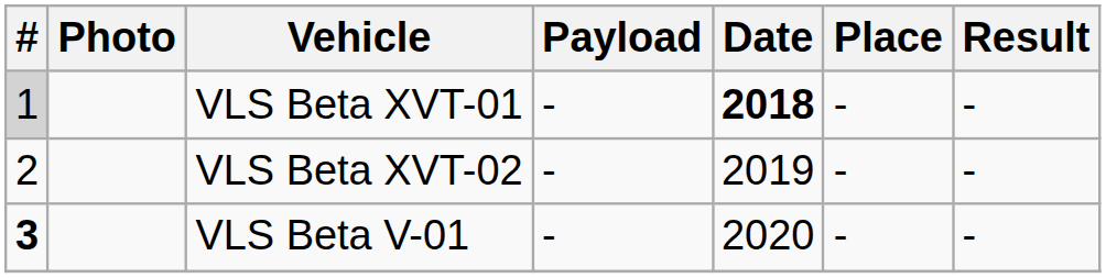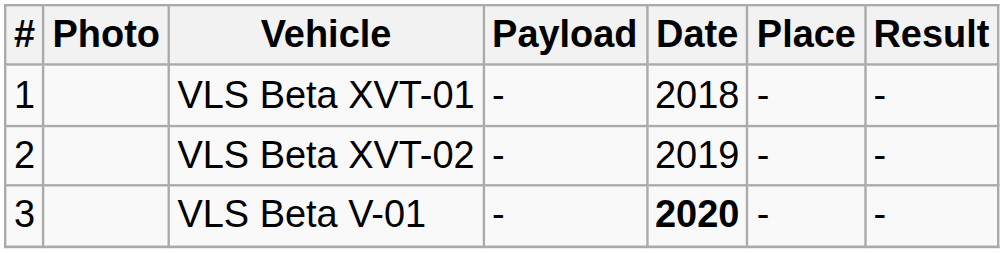 <table class="wikitable">
 <tr>
 <th>#</th>
 <th>Photo</th>
 <th>Vehicle</th>
 <th>Payload</th>
 <th>Date</th>
 <th>Place</th>
 <th>Result</th>
 </tr>
 <tr>
-<td style="background: lightgrey;">1</td>
+<td>1</td>
 <td></td>
 <td>VLS Beta XVT-01</td>
 <td>-</td>
-<td><strong>2018</strong></td>
+<td>2018</td>
 <td>-</td>
 <td>-</td>
 </tr>
 <tr>
 <td>2</td>
 <td></td>
 <td>VLS Beta XVT-02</td>
 <td>-</td>
 <td>2019</td>
 <td>-</td>
 <td>-</td>
 </tr>
 <tr>
-<td><strong>3</strong></td>
+<td>3</td>
 <td></td>
 <td>VLS Beta V-01</td>
 <td>-</td>
-<td>2020</td>
+<td><strong>2020</strong></td>
 <td>-</td>
 <td>-</td>
 </tr>
 <tr>
 </tr>
 </table>
